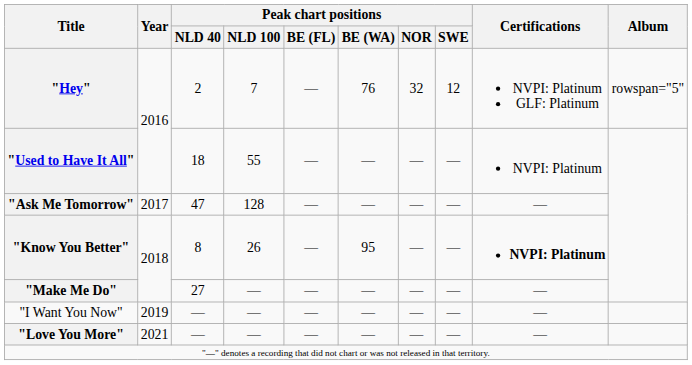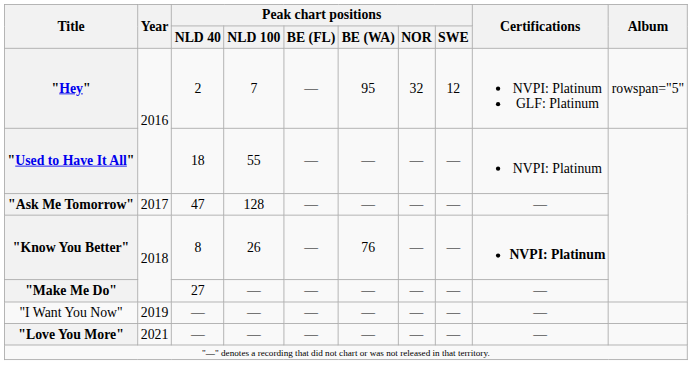 <table class="wikitable plainrowheaders" style="text-align:center">
 <tr>
 <th scope="col" rowspan="2">Title</th>
 <th scope="col" rowspan="2">Year</th>
 <th scope="col" colspan="6">Peak chart positions</th>
 <th scope="col" rowspan="2">Certifications</th>
 <th scope="col" rowspan="2">Album</th>
 </tr>
 <tr>
 <th scope="col">NLD 40<br></th>
 <th scope="col">NLD 100</th>
 <th scope="col">BE (FL)</th>
 <th scope="col">BE (WA)</th>
 <th scope="col">NOR</th>
 <th scope="col">SWE</th>
 </tr>
 <tr>
 <th scope="row">"<a href='#'>Hey</a>"<br></th>
 <td rowspan="2">2016</td>
 <td>2</td>
 <td>7</td>
 <td>—</td>
-<td>76</td>
+<td>95</td>
 <td>32</td>
 <td>12</td>
 <td><br><ul><li>NVPI: Platinum</li><li>GLF: Platinum</li></ul></td>
 <td>rowspan="5" </td>
 </tr>
 <tr>
 <th scope="row">"<a href='#'>Used to Have It All</a>"<br></th>
 <td>18</td>
 <td>55</td>
 <td>—</td>
 <td>—</td>
 <td>—</td>
 <td>—</td>
 <td><br><ul><li>NVPI: Platinum</li></ul></td>
 </tr>
 <tr>
 <th scope="row">"Ask Me Tomorrow"</th>
 <td>2017</td>
 <td>47</td>
 <td>128</td>
 <td>—</td>
 <td>—</td>
 <td>—</td>
 <td>—</td>
 <td>—</td>
 </tr>
 <tr>
 <th scope="row">"Know You Better"</th>
 <td rowspan="2">2018</td>
 <td>8</td>
 <td>26</td>
 <td>—</td>
-<td>95</td>
+<td>76</td>
 <td>—</td>
 <td>—</td>
 <td><strong><br><ul><li>NVPI: Platinum</li></ul></strong></td>
 </tr>
 <tr>
 <th scope="row">"Make Me Do"</th>
 <td>27</td>
 <td>—</td>
 <td>—</td>
 <td>—</td>
 <td>—</td>
 <td>—</td>
 <td>—</td>
 </tr>
 <tr>
 <td>"I Want You Now"</td>
 <td>2019</td>
 <td>—</td>
 <td>—</td>
 <td>—</td>
 <td>—</td>
 <td>—</td>
 <td>—</td>
 <td>—</td>
 <td></td>
 </tr>
 <tr>
 <th>"Love You More"</th>
 <td>2021</td>
 <td>—</td>
 <td>—</td>
 <td>—</td>
 <td>—</td>
 <td>—</td>
 <td>—</td>
 <td>—</td>
 <td></td>
 </tr>
 <tr>
 <td style="font-size:8pt;" colspan="12">"—" denotes a recording that did not chart or was not released in that territory.</td>
 </tr>
 </table>
